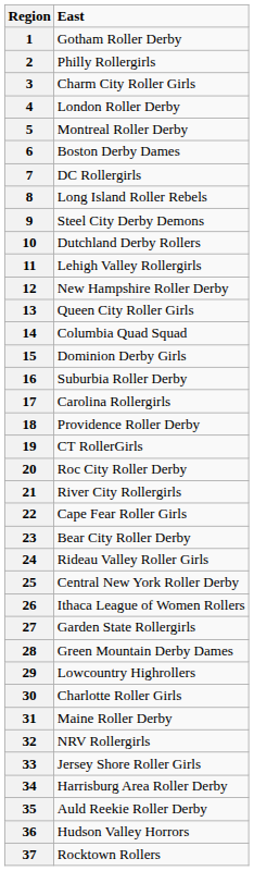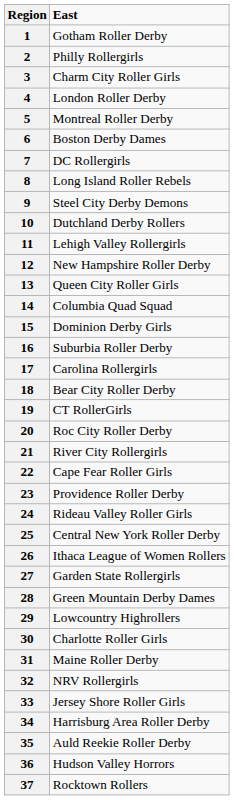 <table class="wikitable">
 <tr>
 <th>Region</th>
 <td><strong>East</strong></td>
 </tr>
 <tr>
 <th>1</th>
 <td>Gotham Roller Derby</td>
 </tr>
 <tr>
 <th>2</th>
 <td>Philly Rollergirls</td>
 </tr>
 <tr>
 <th>3</th>
 <td>Charm City Roller Girls</td>
 </tr>
 <tr>
 <th>4</th>
 <td>London Roller Derby</td>
 </tr>
 <tr>
 <th>5</th>
 <td>Montreal Roller Derby</td>
 </tr>
 <tr>
 <th>6</th>
 <td>Boston Derby Dames</td>
 </tr>
 <tr>
 <th>7</th>
 <td>DC Rollergirls</td>
 </tr>
 <tr>
 <th>8</th>
 <td>Long Island Roller Rebels</td>
 </tr>
 <tr>
 <th>9</th>
 <td>Steel City Derby Demons</td>
 </tr>
 <tr>
 <th>10</th>
 <td>Dutchland Derby Rollers</td>
 </tr>
 <tr>
 <th>11</th>
 <td>Lehigh Valley Rollergirls</td>
 </tr>
 <tr>
 <th>12</th>
 <td>New Hampshire Roller Derby</td>
 </tr>
 <tr>
 <th>13</th>
 <td>Queen City Roller Girls</td>
 </tr>
 <tr>
 <th>14</th>
 <td>Columbia Quad Squad</td>
 </tr>
 <tr>
 <th>15</th>
 <td>Dominion Derby Girls</td>
 </tr>
 <tr>
 <th>16</th>
 <td>Suburbia Roller Derby</td>
 </tr>
 <tr>
 <th>17</th>
 <td>Carolina Rollergirls</td>
 </tr>
 <tr>
 <th>18</th>
-<td>Providence Roller Derby</td>
+<td>Bear City Roller Derby</td>
 </tr>
 <tr>
 <th>19</th>
 <td>CT RollerGirls</td>
 </tr>
 <tr>
 <th>20</th>
 <td>Roc City Roller Derby</td>
 </tr>
 <tr>
 <th>21</th>
 <td>River City Rollergirls</td>
 </tr>
 <tr>
 <th>22</th>
 <td>Cape Fear Roller Girls</td>
 </tr>
 <tr>
 <th>23</th>
-<td>Bear City Roller Derby</td>
+<td>Providence Roller Derby</td>
 </tr>
 <tr>
 <th>24</th>
 <td>Rideau Valley Roller Girls</td>
 </tr>
 <tr>
 <th>25</th>
 <td>Central New York Roller Derby</td>
 </tr>
 <tr>
 <th>26</th>
 <td>Ithaca League of Women Rollers</td>
 </tr>
 <tr>
 <th>27</th>
 <td>Garden State Rollergirls</td>
 </tr>
 <tr>
 <th>28</th>
 <td>Green Mountain Derby Dames</td>
 </tr>
 <tr>
 <th>29</th>
 <td>Lowcountry Highrollers</td>
 </tr>
 <tr>
 <th>30</th>
 <td>Charlotte Roller Girls</td>
 </tr>
 <tr>
 <th>31</th>
 <td>Maine Roller Derby</td>
 </tr>
 <tr>
 <th>32</th>
 <td>NRV Rollergirls</td>
 </tr>
 <tr>
 <th>33</th>
 <td>Jersey Shore Roller Girls</td>
 </tr>
 <tr>
 <th>34</th>
 <td>Harrisburg Area Roller Derby</td>
 </tr>
 <tr>
 <th>35</th>
 <td>Auld Reekie Roller Derby</td>
 </tr>
 <tr>
 <th>36</th>
 <td>Hudson Valley Horrors</td>
 </tr>
 <tr>
 <th>37</th>
 <td>Rocktown Rollers</td>
 </tr>
 </table>
